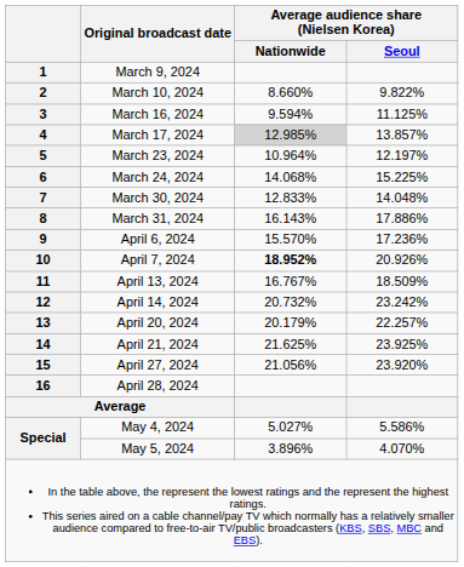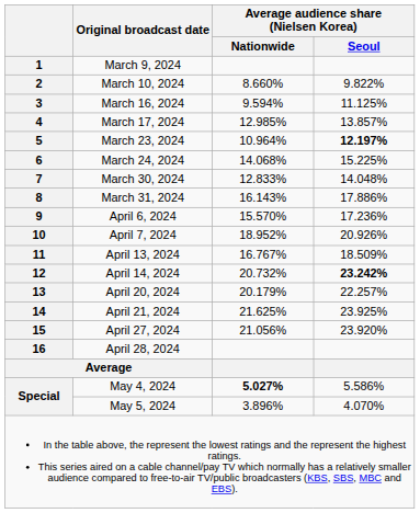 <table class="wikitable" style="margin-left:auto; margin-right:auto; width:550px; text-align:center">
 <tr>
 <th scope="col" rowspan="2"></th>
 <th scope="col" rowspan="2">Original broadcast date</th>
 <th scope="col" colspan="2">Average audience share<br>(Nielsen Korea)</th>
 </tr>
 <tr>
 <th scope="col" style="width:8em">Nationwide</th>
 <th scope="col" style="width:8em"><a href='#'>Seoul</a></th>
 </tr>
 <tr>
 <th scope="row">1</th>
 <td>March 9, 2024</td>
 <td><strong></strong> </td>
 <td><strong></strong> </td>
 </tr>
 <tr>
 <th scope="row">2</th>
 <td>March 10, 2024</td>
 <td>8.660% </td>
 <td>9.822% </td>
 </tr>
 <tr>
 <th scope="row">3</th>
 <td>March 16, 2024</td>
 <td>9.594% </td>
 <td>11.125% </td>
 </tr>
 <tr>
 <th scope="row">4</th>
 <td>March 17, 2024</td>
-<td style="background: lightgrey;">12.985% </td>
+<td>12.985% </td>
 <td>13.857% </td>
 </tr>
 <tr>
 <th scope="row">5</th>
 <td>March 23, 2024</td>
 <td>10.964% </td>
-<td>12.197% </td>
+<td><strong>12.197% </strong></td>
 </tr>
 <tr>
 <th scope="row">6</th>
 <td>March 24, 2024</td>
 <td>14.068% </td>
 <td>15.225% </td>
 </tr>
 <tr>
 <th scope="row">7</th>
 <td>March 30, 2024</td>
 <td>12.833% </td>
 <td>14.048% </td>
 </tr>
 <tr>
 <th scope="row">8</th>
 <td>March 31, 2024</td>
 <td>16.143% </td>
 <td>17.886% </td>
 </tr>
 <tr>
 <th scope="row">9</th>
 <td>April 6, 2024</td>
 <td>15.570% </td>
 <td>17.236% </td>
 </tr>
 <tr>
 <th scope="row">10</th>
 <td>April 7, 2024</td>
-<td><strong>18.952% </strong></td>
+<td>18.952% </td>
 <td>20.926% </td>
 </tr>
 <tr>
 <th scope="row">11</th>
 <td>April 13, 2024</td>
 <td>16.767% </td>
 <td>18.509% </td>
 </tr>
 <tr>
 <th scope="row">12</th>
 <td>April 14, 2024</td>
 <td>20.732% </td>
-<td>23.242% </td>
+<td><strong>23.242% </strong></td>
 </tr>
 <tr>
 <th scope="row">13</th>
 <td>April 20, 2024</td>
 <td>20.179% </td>
 <td>22.257% </td>
 </tr>
 <tr>
 <th scope="row">14</th>
 <td>April 21, 2024</td>
 <td>21.625% </td>
 <td>23.925% </td>
 </tr>
 <tr>
 <th scope="row">15</th>
 <td>April 27, 2024</td>
 <td>21.056% </td>
 <td>23.920% </td>
 </tr>
 <tr>
 <th scope="row">16</th>
 <td>April 28, 2024</td>
 <td><strong></strong> </td>
 <td><strong></strong> </td>
 </tr>
 <tr>
 <th scope="row" colspan="2">Average</th>
 <th scope="row"></th>
 <th scope="row"></th>
 </tr>
 <tr>
 <th scope="row" rowspan="2">Special</th>
 <td>May 4, 2024</td>
-<td>5.027% </td>
+<td><strong>5.027% </strong></td>
 <td>5.586% </td>
 </tr>
 <tr>
 <td>May 5, 2024</td>
 <td>3.896% </td>
 <td>4.070% </td>
 </tr>
 <tr>
 <td colspan="4" style="font-size:85%"><br><ul><li>In the table above, the <strong></strong> represent the lowest ratings and the <strong></strong> represent the highest ratings.</li><li>This series aired on a cable channel/pay TV which normally has a relatively smaller audience compared to free-to-air TV/public broadcasters (<a href='#'>KBS</a>, <a href='#'>SBS</a>, <a href='#'>MBC</a> and <a href='#'>EBS</a>).</li></ul></td>
 </tr>
 </table>
